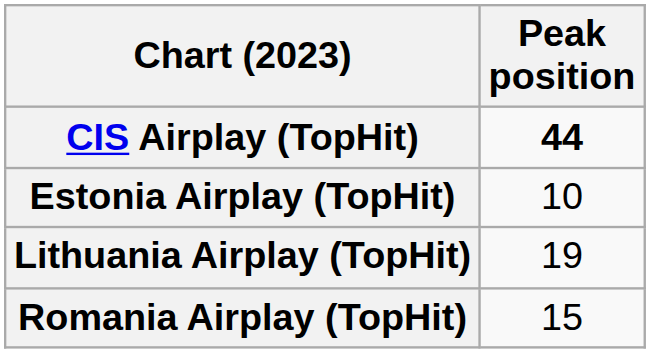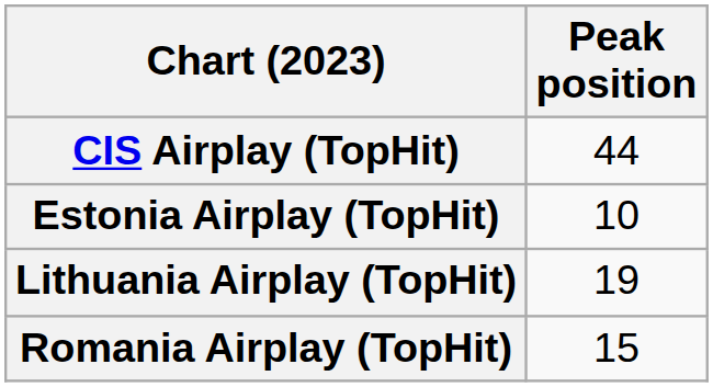 <table class="wikitable sortable plainrowheaders" style="text-align:center">
 <tr>
 <th scope="col">Chart (2023)</th>
 <th scope="col">Peak<br>position</th>
 </tr>
 <tr>
 <th scope="row"><a href='#'>CIS</a> Airplay (TopHit)</th>
-<td><strong>44</strong></td>
+<td>44</td>
 </tr>
 <tr>
 <th scope="row">Estonia Airplay (TopHit)</th>
 <td>10</td>
 </tr>
 <tr>
 <th scope="row">Lithuania Airplay (TopHit)</th>
 <td>19</td>
 </tr>
 <tr>
 <th scope="row">Romania Airplay (TopHit)</th>
 <td>15</td>
 </tr>
 </table>
